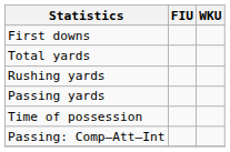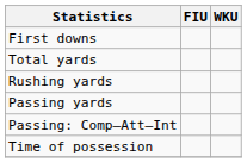 <table class="wikitable" style="float: left;">
 <tr>
 <th>Statistics</th>
 <th>FIU</th>
 <th>WKU</th>
 </tr>
 <tr>
 <td>First downs</td>
 <td></td>
 <td></td>
 </tr>
 <tr>
 <td>Total yards</td>
 <td></td>
 <td></td>
 </tr>
 <tr>
 <td>Rushing yards</td>
 <td></td>
 <td></td>
 </tr>
 <tr>
 <td>Passing yards</td>
 <td></td>
 <td></td>
 </tr>
 <tr>
-<td>Time of possession</td>
+<td>Passing: Comp–Att–Int</td>
 <td></td>
 <td></td>
 </tr>
 <tr>
-<td>Passing: Comp–Att–Int</td>
+<td>Time of possession</td>
 <td></td>
 <td></td>
 </tr>
 <tr>
 </tr>
 </table>
